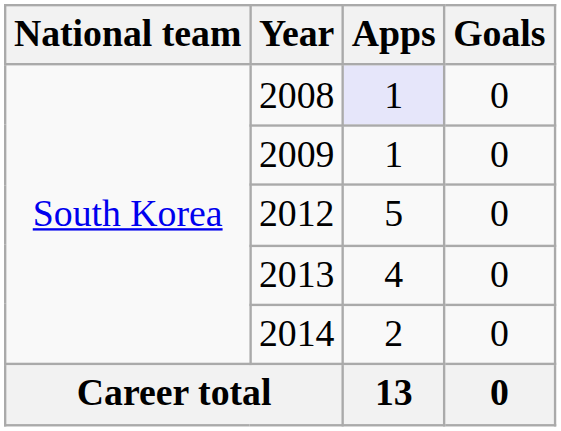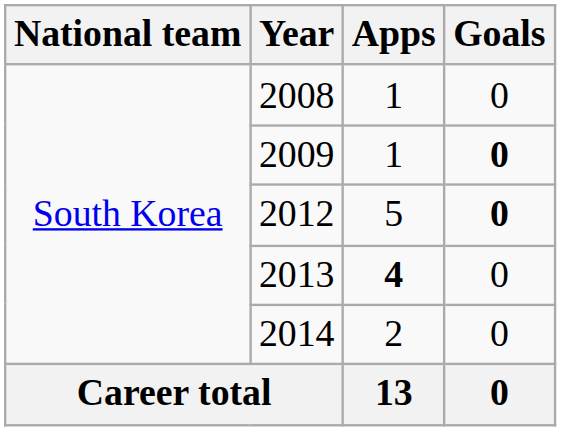 <table class="wikitable" style="text-align:center">
 <tr>
 <th>National team</th>
 <th>Year</th>
 <th>Apps</th>
 <th>Goals</th>
 </tr>
 <tr>
 <td rowspan=5><a href='#'>South Korea</a></td>
 <td>2008</td>
-<td style="background: lavender;">1</td>
+<td>1</td>
 <td>0</td>
 </tr>
 <tr>
 <td>2009</td>
 <td>1</td>
-<td>0</td>
+<td><strong>0</strong></td>
 </tr>
 <tr>
 <td>2012</td>
 <td>5</td>
-<td>0</td>
+<td><strong>0</strong></td>
 </tr>
 <tr>
 <td>2013</td>
-<td>4</td>
+<td><strong>4</strong></td>
 <td>0</td>
 </tr>
 <tr>
 <td>2014</td>
 <td>2</td>
 <td>0</td>
 </tr>
 <tr>
 <th colspan="2">Career total</th>
 <th>13</th>
 <th>0</th>
 </tr>
 </table>
